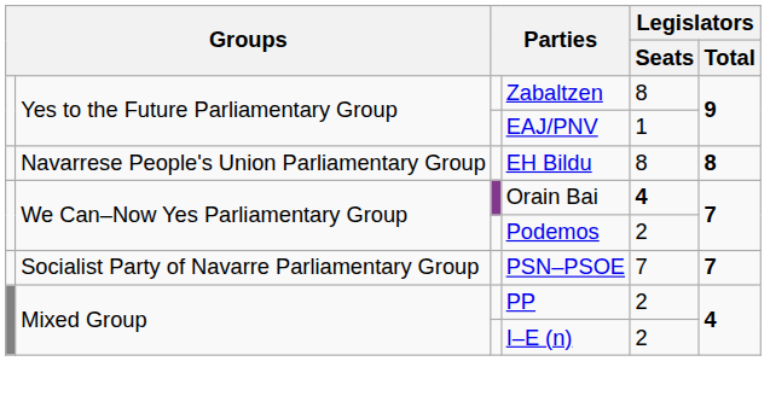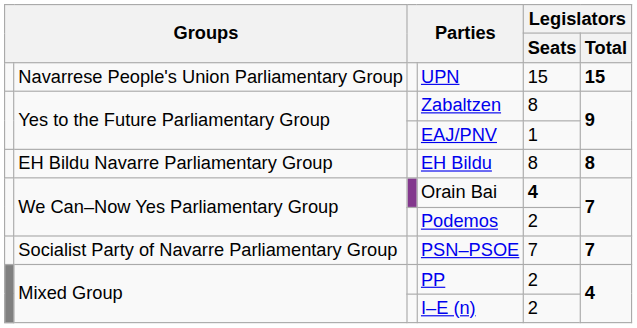 <table class="wikitable" style="text-align:left;">
 <tr>
 <th rowspan="2" colspan="2">Groups</th>
 <th rowspan="2" colspan="2">Parties</th>
 <th colspan="2">Legislators</th>
 </tr>
 <tr>
 <th>Seats</th>
 <th>Total</th>
+</tr>
+<tr>
+<td width="1" style="color:inherit;background:"></td>
+<td>Navarrese People's Union Parliamentary Group</td>
+<td width="1" style="color:inherit;background:"></td>
+<td><a href='#'>UPN</a></td>
+<td>15</td>
+<td><strong>15</strong></td>
 </tr>
 <tr>
 <td rowspan="2" style="color:inherit;background:"></td>
 <td rowspan="2">Yes to the Future Parliamentary Group</td>
 <td style="color:inherit;background:"></td>
 <td><a href='#'>Zabaltzen</a></td>
 <td>8</td>
 <td rowspan="2"><strong>9</strong></td>
 </tr>
 <tr>
 <td style="color:inherit;background:"></td>
 <td><a href='#'>EAJ/PNV</a></td>
 <td>1</td>
 </tr>
 <tr>
 <td style="color:inherit;background:"></td>
-<td>Navarrese People's Union Parliamentary Group</td>
+<td>EH Bildu Navarre Parliamentary Group</td>
 <td style="color:inherit;background:"></td>
 <td><a href='#'>EH Bildu</a></td>
 <td>8</td>
 <td><strong>8</strong></td>
 </tr>
 <tr>
 <td rowspan="2" style="color:inherit;background:"></td>
 <td rowspan="2">We Can–Now Yes Parliamentary Group</td>
 <td style="color:inherit;background:#83388D"></td>
 <td>Orain Bai</td>
 <td><strong>4</strong></td>
 <td rowspan="2"><strong>7</strong></td>
 </tr>
 <tr>
 <td style="color:inherit;background:"></td>
 <td><a href='#'>Podemos</a></td>
 <td>2</td>
 </tr>
 <tr>
 <td style="color:inherit;background:"></td>
 <td>Socialist Party of Navarre Parliamentary Group</td>
 <td style="color:inherit;background:"></td>
 <td><a href='#'>PSN–PSOE</a></td>
 <td>7</td>
 <td><strong>7</strong></td>
 </tr>
 <tr>
 <td rowspan="2" bgcolor="gray"></td>
 <td rowspan="2">Mixed Group</td>
 <td style="color:inherit;background:"></td>
 <td><a href='#'>PP</a></td>
 <td>2</td>
 <td rowspan="2"><strong>4</strong></td>
 </tr>
 <tr>
 <td style="color:inherit;background:"></td>
 <td><a href='#'>I–E (n)</a></td>
 <td>2</td>
 </tr>
 </table>
